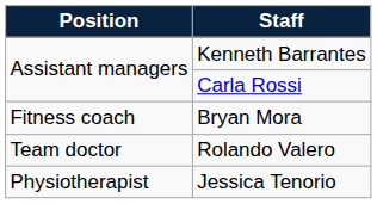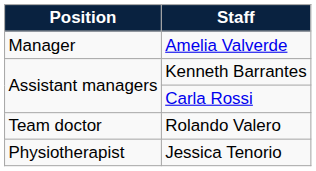 <table class="wikitable">
 <tr>
 <th style=background-color:#092240;color:white>Position</th>
 <th style=background-color:#092240;color:white>Staff</th>
+</tr>
+<tr>
+<td>Manager</td>
+<td> <a href='#'>Amelia Valverde</a></td>
 </tr>
 <tr>
 <td rowspan="2">Assistant managers</td>
 <td> Kenneth Barrantes</td>
 </tr>
 <tr>
 <td> <a href='#'>Carla Rossi</a></td>
-</tr>
-<tr>
-<td>Fitness coach</td>
-<td> Bryan Mora</td>
 </tr>
 <tr>
 <td>Team doctor</td>
 <td> Rolando Valero</td>
 </tr>
 <tr>
 <td>Physiotherapist</td>
 <td> Jessica Tenorio</td>
 </tr>
 </table>
